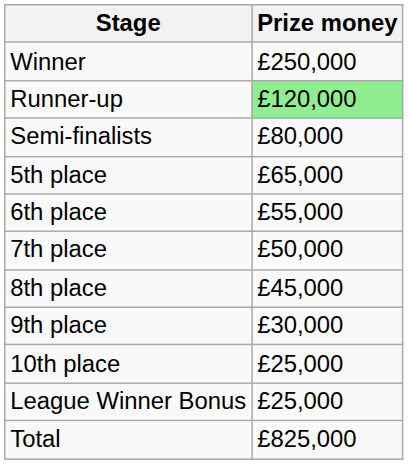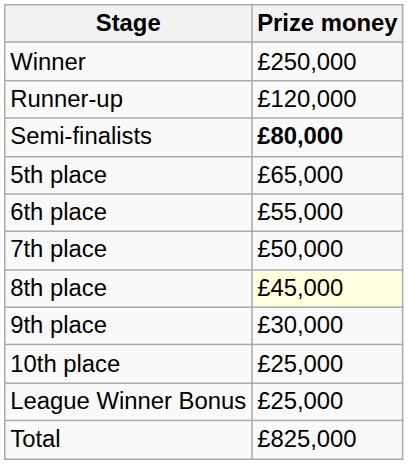 <table class="wikitable">
 <tr>
 <th>Stage</th>
 <th>Prize money</th>
 </tr>
 <tr>
 <td>Winner</td>
 <td>£250,000</td>
 </tr>
 <tr>
 <td>Runner-up</td>
-<td style="background: lightgreen;">£120,000</td>
+<td>£120,000</td>
 </tr>
 <tr>
 <td>Semi-finalists</td>
-<td>£80,000</td>
+<td><strong>£80,000</strong></td>
 </tr>
 <tr>
 <td>5th place</td>
 <td>£65,000</td>
 </tr>
 <tr>
 <td>6th place</td>
 <td>£55,000</td>
 </tr>
 <tr>
 <td>7th place</td>
 <td>£50,000</td>
 </tr>
 <tr>
 <td>8th place</td>
-<td>£45,000</td>
+<td style="background: lightyellow;">£45,000</td>
 </tr>
 <tr>
 <td>9th place</td>
 <td>£30,000</td>
 </tr>
 <tr>
 <td>10th place</td>
 <td>£25,000</td>
 </tr>
 <tr>
 <td>League Winner Bonus</td>
 <td>£25,000</td>
 </tr>
 <tr>
 <td>Total</td>
 <td>£825,000</td>
 </tr>
 </table>
